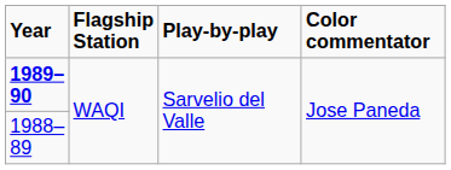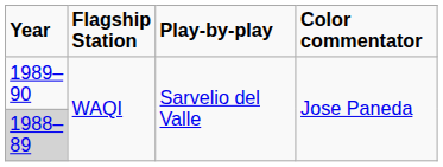 <table class="wikitable">
 <tr>
 <td width="40"><strong>Year</strong></td>
 <td width="40"><strong>Flagship Station</strong></td>
 <td width="110"><strong>Play-by-play</strong></td>
 <td width="110"><strong>Color commentator</strong></td>
 </tr>
 <tr>
-<td><strong><a href='#'>1989–90</a></strong></td>
+<td><a href='#'>1989–90</a></td>
 <td rowspan=2><a href='#'>WAQI</a></td>
 <td rowspan=2><a href='#'>Sarvelio del Valle</a></td>
 <td rowspan=2><a href='#'>Jose Paneda</a></td>
 </tr>
 <tr>
-<td><a href='#'>1988–89</a></td>
+<td style="background: lightgrey;"><a href='#'>1988–89</a></td>
 </tr>
 </table>
